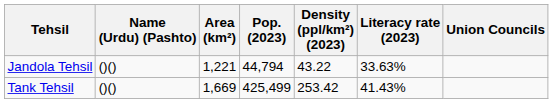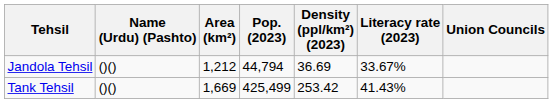 <table class="wikitable sortable static-row-numbers static-row-header-hash">
 <tr>
 <th>Tehsil</th>
 <th>Name<br>(Urdu) (Pashto)</th>
 <th>Area<br>(km²)</th>
 <th>Pop.<br>(2023)</th>
 <th>Density<br>(ppl/km²)<br>(2023)</th>
 <th>Literacy rate<br>(2023)</th>
 <th>Union Councils</th>
 </tr>
 <tr>
 <td><a href='#'>Jandola Tehsil</a></td>
 <td>()()</td>
-<td>1,221</td>
+<td>1,212</td>
 <td>44,794</td>
-<td>43.22</td>
-<td>33.63%</td>
+<td>36.69</td>
+<td>33.67%</td>
 <td></td>
 </tr>
 <tr>
 <td><a href='#'>Tank Tehsil</a></td>
 <td>()()</td>
 <td>1,669</td>
 <td>425,499</td>
 <td>253.42</td>
 <td>41.43%</td>
 <td></td>
 </tr>
 </table>
